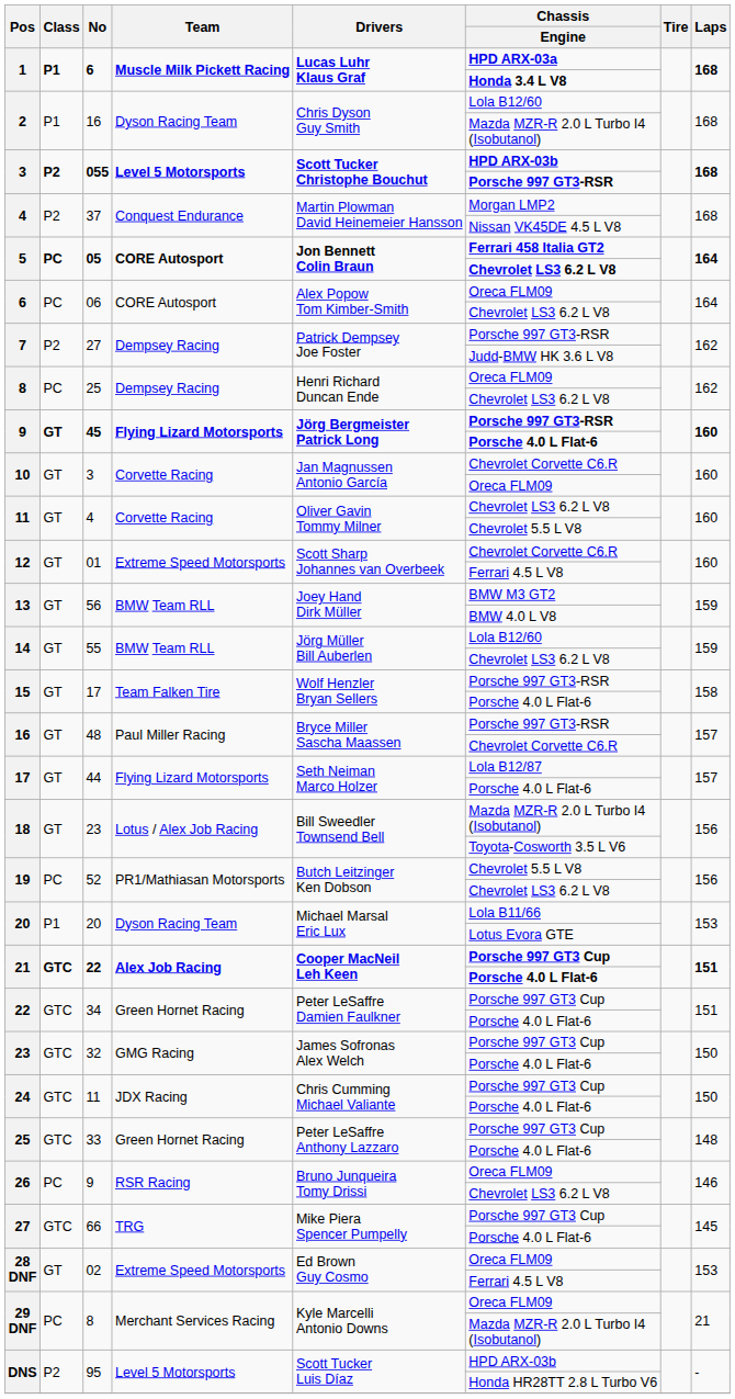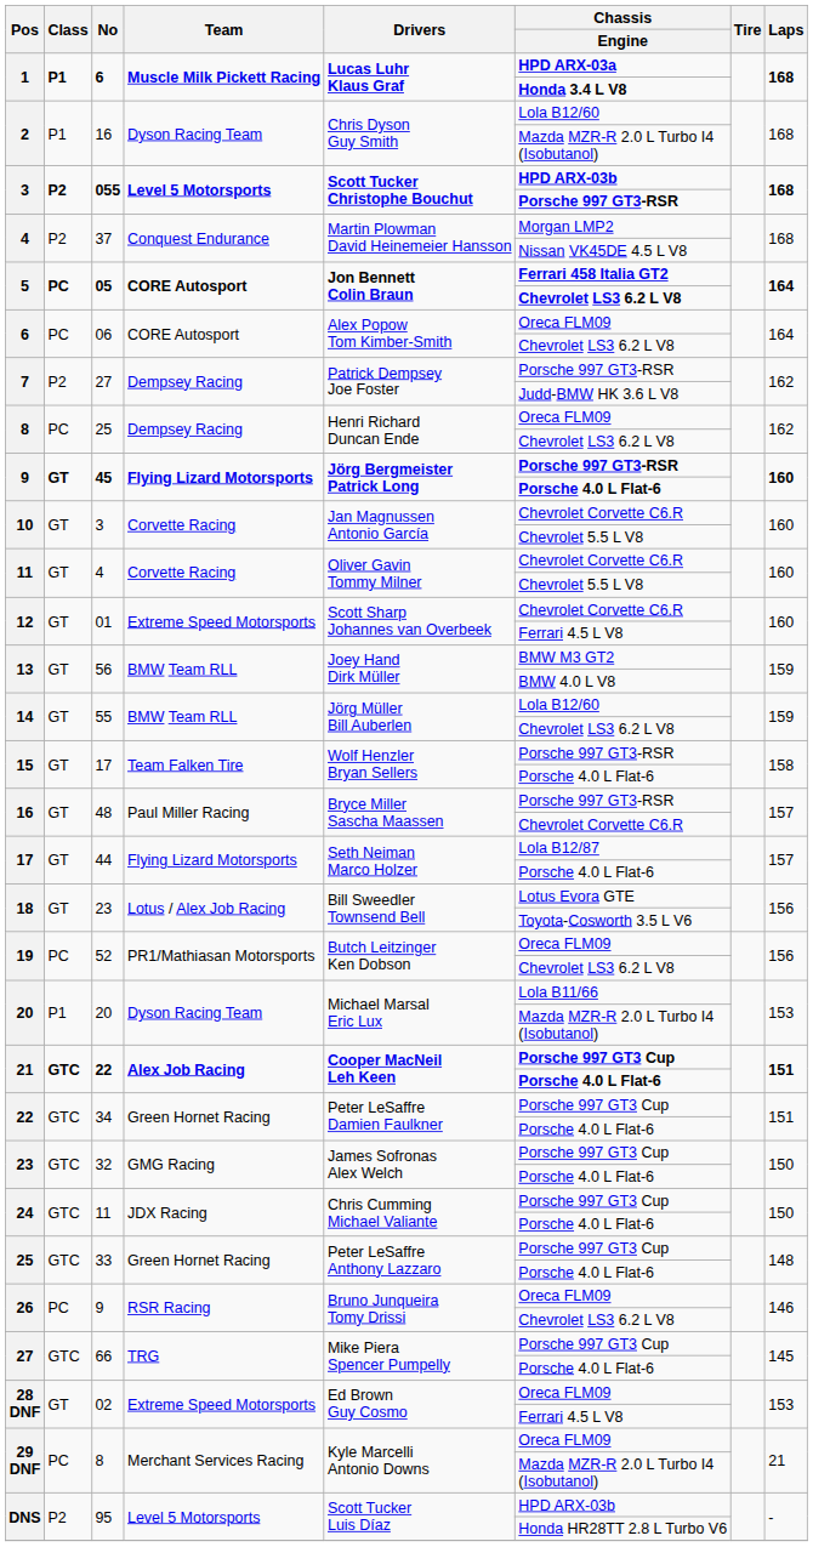 <table class="wikitable" style="font-size: 95%;">
 <tr>
 <th rowspan=2>Pos</th>
 <th rowspan=2>Class</th>
 <th rowspan=2>No</th>
 <th rowspan=2>Team</th>
 <th rowspan=2>Drivers</th>
 <th>Chassis</th>
 <th rowspan=2>Tire</th>
 <th rowspan=2>Laps</th>
 </tr>
 <tr>
 <th>Engine</th>
 </tr>
 <tr style="font-weight:bold">
 <th rowspan=2>1</th>
 <td rowspan=2>P1</td>
 <td rowspan=2>6</td>
 <td rowspan=2> <a href='#'>Muscle Milk Pickett Racing</a></td>
 <td rowspan=2> <a href='#'>Lucas Luhr</a><br> <a href='#'>Klaus Graf</a></td>
 <td><a href='#'>HPD ARX-03a</a></td>
 <td rowspan=2></td>
 <td rowspan=2>168</td>
 </tr>
 <tr style="font-weight:bold">
 <td><a href='#'>Honda</a> 3.4 L V8</td>
 </tr>
 <tr>
 <th rowspan=2>2</th>
 <td rowspan=2>P1</td>
 <td rowspan=2>16</td>
 <td rowspan=2> <a href='#'>Dyson Racing Team</a></td>
 <td rowspan=2> <a href='#'>Chris Dyson</a><br> <a href='#'>Guy Smith</a></td>
 <td><a href='#'>Lola B12/60</a></td>
 <td rowspan=2></td>
 <td rowspan=2>168</td>
 </tr>
 <tr>
 <td><a href='#'>Mazda</a> <a href='#'>MZR-R</a> 2.0 L Turbo I4<br>(<a href='#'>Isobutanol</a>)</td>
 </tr>
 <tr style="font-weight:bold">
 <th rowspan=2>3</th>
 <td rowspan=2>P2</td>
 <td rowspan=2>055</td>
 <td rowspan=2> <a href='#'>Level 5 Motorsports</a></td>
 <td rowspan=2> <a href='#'>Scott Tucker</a><br> <a href='#'>Christophe Bouchut</a></td>
 <td><a href='#'>HPD ARX-03b</a></td>
 <td rowspan=2></td>
 <td rowspan=2>168</td>
 </tr>
 <tr style="font-weight:bold">
 <td><a href='#'>Porsche 997 GT3</a>-RSR</td>
 </tr>
 <tr>
 <th rowspan=2>4</th>
 <td rowspan=2>P2</td>
 <td rowspan=2>37</td>
 <td rowspan=2> <a href='#'>Conquest Endurance</a></td>
 <td rowspan=2> <a href='#'>Martin Plowman</a><br> <a href='#'>David Heinemeier Hansson</a></td>
 <td><a href='#'>Morgan LMP2</a></td>
 <td rowspan=2></td>
 <td rowspan=2>168</td>
 </tr>
 <tr>
 <td><a href='#'>Nissan</a> <a href='#'>VK45DE</a> 4.5 L V8</td>
 </tr>
 <tr style="font-weight:bold">
 <th rowspan=2>5</th>
 <td rowspan=2>PC</td>
 <td rowspan=2>05</td>
 <td rowspan=2> CORE Autosport</td>
 <td rowspan=2> Jon Bennett<br> <a href='#'>Colin Braun</a></td>
 <td><a href='#'>Ferrari 458 Italia GT2</a></td>
 <td rowspan=2></td>
 <td rowspan=2>164</td>
 </tr>
 <tr style="font-weight:bold">
 <td><a href='#'>Chevrolet</a> <a href='#'>LS3</a> 6.2 L V8</td>
 </tr>
 <tr>
 <th rowspan=2>6</th>
 <td rowspan=2>PC</td>
 <td rowspan=2>06</td>
 <td rowspan=2> CORE Autosport</td>
 <td rowspan=2> <a href='#'>Alex Popow</a><br> <a href='#'>Tom Kimber-Smith</a></td>
 <td><a href='#'>Oreca FLM09</a></td>
 <td rowspan=2></td>
 <td rowspan=2>164</td>
 </tr>
 <tr>
 <td><a href='#'>Chevrolet</a> <a href='#'>LS3</a> 6.2 L V8</td>
 </tr>
 <tr>
 <th rowspan=2>7</th>
 <td rowspan=2>P2</td>
 <td rowspan=2>27</td>
 <td rowspan=2> <a href='#'>Dempsey Racing</a></td>
 <td rowspan=2> <a href='#'>Patrick Dempsey</a><br> Joe Foster</td>
 <td><a href='#'>Porsche 997 GT3</a>-RSR</td>
 <td rowspan=2></td>
 <td rowspan=2>162</td>
 </tr>
 <tr>
 <td><a href='#'>Judd</a>-<a href='#'>BMW</a> HK 3.6 L V8</td>
 </tr>
 <tr>
 <th rowspan=2>8</th>
 <td rowspan=2>PC</td>
 <td rowspan=2>25</td>
 <td rowspan=2> <a href='#'>Dempsey Racing</a></td>
 <td rowspan=2> Henri Richard<br> Duncan Ende</td>
 <td><a href='#'>Oreca FLM09</a></td>
 <td rowspan=2></td>
 <td rowspan=2>162</td>
 </tr>
 <tr>
 <td><a href='#'>Chevrolet</a> <a href='#'>LS3</a> 6.2 L V8</td>
 </tr>
 <tr style="font-weight:bold">
 <th rowspan=2>9</th>
 <td rowspan=2>GT</td>
 <td rowspan=2>45</td>
 <td rowspan=2> <a href='#'>Flying Lizard Motorsports</a></td>
 <td rowspan=2> <a href='#'>Jörg Bergmeister</a><br> <a href='#'>Patrick Long</a></td>
 <td><a href='#'>Porsche 997 GT3</a>-RSR</td>
 <td rowspan=2></td>
 <td rowspan=2>160</td>
 </tr>
 <tr style="font-weight:bold">
 <td><a href='#'>Porsche</a> 4.0 L Flat-6</td>
 </tr>
 <tr>
 <th rowspan=2>10</th>
 <td rowspan=2>GT</td>
 <td rowspan=2>3</td>
 <td rowspan=2> <a href='#'>Corvette Racing</a></td>
 <td rowspan=2> <a href='#'>Jan Magnussen</a><br> <a href='#'>Antonio García</a></td>
 <td><a href='#'>Chevrolet Corvette C6.R</a></td>
 <td rowspan=2></td>
 <td rowspan=2>160</td>
 </tr>
 <tr>
-<td><a href='#'>Oreca FLM09</a></td>
+<td><a href='#'>Chevrolet</a> 5.5 L V8</td>
 </tr>
 <tr>
 <th rowspan=2>11</th>
 <td rowspan=2>GT</td>
 <td rowspan=2>4</td>
 <td rowspan=2> <a href='#'>Corvette Racing</a></td>
 <td rowspan=2> <a href='#'>Oliver Gavin</a><br> <a href='#'>Tommy Milner</a></td>
-<td><a href='#'>Chevrolet</a> <a href='#'>LS3</a> 6.2 L V8</td>
+<td><a href='#'>Chevrolet Corvette C6.R</a></td>
 <td rowspan=2></td>
 <td rowspan=2>160</td>
 </tr>
 <tr>
 <td><a href='#'>Chevrolet</a> 5.5 L V8</td>
 </tr>
 <tr>
 <th rowspan=2>12</th>
 <td rowspan=2>GT</td>
 <td rowspan=2>01</td>
 <td rowspan=2> <a href='#'>Extreme Speed Motorsports</a></td>
 <td rowspan=2> <a href='#'>Scott Sharp</a><br> <a href='#'>Johannes van Overbeek</a></td>
 <td><a href='#'>Chevrolet Corvette C6.R</a></td>
 <td rowspan=2></td>
 <td rowspan=2>160</td>
 </tr>
 <tr>
 <td><a href='#'>Ferrari</a> 4.5 L V8</td>
 </tr>
 <tr>
 <th rowspan=2>13</th>
 <td rowspan=2>GT</td>
 <td rowspan=2>56</td>
 <td rowspan=2> <a href='#'>BMW</a> <a href='#'>Team RLL</a></td>
 <td rowspan=2> <a href='#'>Joey Hand</a><br> <a href='#'>Dirk Müller</a></td>
 <td><a href='#'>BMW M3 GT2</a></td>
 <td rowspan=2></td>
 <td rowspan=2>159</td>
 </tr>
 <tr>
 <td><a href='#'>BMW</a> 4.0 L V8</td>
 </tr>
 <tr>
 <th rowspan=2>14</th>
 <td rowspan=2>GT</td>
 <td rowspan=2>55</td>
 <td rowspan=2> <a href='#'>BMW</a> <a href='#'>Team RLL</a></td>
 <td rowspan=2> <a href='#'>Jörg Müller</a><br> <a href='#'>Bill Auberlen</a></td>
 <td><a href='#'>Lola B12/60</a></td>
 <td rowspan=2></td>
 <td rowspan=2>159</td>
 </tr>
 <tr>
 <td><a href='#'>Chevrolet</a> <a href='#'>LS3</a> 6.2 L V8</td>
 </tr>
 <tr>
 <th rowspan=2>15</th>
 <td rowspan=2>GT</td>
 <td rowspan=2>17</td>
 <td rowspan=2> <a href='#'>Team Falken Tire</a></td>
 <td rowspan=2> <a href='#'>Wolf Henzler</a><br> <a href='#'>Bryan Sellers</a></td>
 <td><a href='#'>Porsche 997 GT3</a>-RSR</td>
 <td rowspan=2></td>
 <td rowspan=2>158</td>
 </tr>
 <tr>
 <td><a href='#'>Porsche</a> 4.0 L Flat-6</td>
 </tr>
 <tr>
 <th rowspan=2>16</th>
 <td rowspan=2>GT</td>
 <td rowspan=2>48</td>
 <td rowspan=2> Paul Miller Racing</td>
 <td rowspan=2> <a href='#'>Bryce Miller</a><br> <a href='#'>Sascha Maassen</a></td>
 <td><a href='#'>Porsche 997 GT3</a>-RSR</td>
 <td rowspan=2></td>
 <td rowspan=2>157</td>
 </tr>
 <tr>
 <td><a href='#'>Chevrolet Corvette C6.R</a></td>
 </tr>
 <tr>
 <th rowspan=2>17</th>
 <td rowspan=2>GT</td>
 <td rowspan=2>44</td>
 <td rowspan=2> <a href='#'>Flying Lizard Motorsports</a></td>
 <td rowspan=2> <a href='#'>Seth Neiman</a><br> <a href='#'>Marco Holzer</a></td>
 <td><a href='#'>Lola B12/87</a></td>
 <td rowspan=2></td>
 <td rowspan=2>157</td>
 </tr>
 <tr>
 <td><a href='#'>Porsche</a> 4.0 L Flat-6</td>
 </tr>
 <tr>
 <th rowspan=2>18</th>
 <td rowspan=2>GT</td>
 <td rowspan=2>23</td>
 <td rowspan=2> <a href='#'>Lotus</a> / <a href='#'>Alex Job Racing</a></td>
 <td rowspan=2> Bill Sweedler<br> <a href='#'>Townsend Bell</a></td>
-<td><a href='#'>Mazda</a> <a href='#'>MZR-R</a> 2.0 L Turbo I4<br>(<a href='#'>Isobutanol</a>)</td>
+<td><a href='#'>Lotus Evora</a> GTE</td>
 <td rowspan=2></td>
 <td rowspan=2>156</td>
 </tr>
 <tr>
 <td><a href='#'>Toyota</a>-<a href='#'>Cosworth</a> 3.5 L V6</td>
 </tr>
 <tr>
 <th rowspan=2>19</th>
 <td rowspan=2>PC</td>
 <td rowspan=2>52</td>
 <td rowspan=2> PR1/Mathiasan Motorsports</td>
 <td rowspan=2> <a href='#'>Butch Leitzinger</a><br> Ken Dobson</td>
-<td><a href='#'>Chevrolet</a> 5.5 L V8</td>
+<td><a href='#'>Oreca FLM09</a></td>
 <td rowspan=2></td>
 <td rowspan=2>156</td>
 </tr>
 <tr>
 <td><a href='#'>Chevrolet</a> <a href='#'>LS3</a> 6.2 L V8</td>
 </tr>
 <tr>
 <th rowspan=2>20</th>
 <td rowspan=2>P1</td>
 <td rowspan=2>20</td>
 <td rowspan=2> <a href='#'>Dyson Racing Team</a></td>
 <td rowspan=2> Michael Marsal<br> <a href='#'>Eric Lux</a></td>
 <td><a href='#'>Lola B11/66</a></td>
 <td rowspan=2></td>
 <td rowspan=2>153</td>
 </tr>
 <tr>
-<td><a href='#'>Lotus Evora</a> GTE</td>
+<td><a href='#'>Mazda</a> <a href='#'>MZR-R</a> 2.0 L Turbo I4<br>(<a href='#'>Isobutanol</a>)</td>
 </tr>
 <tr style="font-weight:bold">
 <th rowspan=2>21</th>
 <td rowspan=2>GTC</td>
 <td rowspan=2>22</td>
 <td rowspan=2> <a href='#'>Alex Job Racing</a></td>
 <td rowspan=2> <a href='#'>Cooper MacNeil</a><br> <a href='#'>Leh Keen</a></td>
 <td><a href='#'>Porsche 997 GT3</a> Cup</td>
 <td rowspan=2></td>
 <td rowspan=2>151</td>
 </tr>
 <tr style="font-weight:bold">
 <td><a href='#'>Porsche</a> 4.0 L Flat-6</td>
 </tr>
 <tr>
 <th rowspan=2>22</th>
 <td rowspan=2>GTC</td>
 <td rowspan=2>34</td>
 <td rowspan=2> Green Hornet Racing</td>
 <td rowspan=2> Peter LeSaffre<br> <a href='#'>Damien Faulkner</a></td>
 <td><a href='#'>Porsche 997 GT3</a> Cup</td>
 <td rowspan=2></td>
 <td rowspan=2>151</td>
 </tr>
 <tr>
 <td><a href='#'>Porsche</a> 4.0 L Flat-6</td>
 </tr>
 <tr>
 <th rowspan=2>23</th>
 <td rowspan=2>GTC</td>
 <td rowspan=2>32</td>
 <td rowspan=2> GMG Racing</td>
 <td rowspan=2> James Sofronas<br> Alex Welch</td>
 <td><a href='#'>Porsche 997 GT3</a> Cup</td>
 <td rowspan=2></td>
 <td rowspan=2>150</td>
 </tr>
 <tr>
 <td><a href='#'>Porsche</a> 4.0 L Flat-6</td>
 </tr>
 <tr>
 <th rowspan=2>24</th>
 <td rowspan=2>GTC</td>
 <td rowspan=2>11</td>
 <td rowspan=2> JDX Racing</td>
 <td rowspan=2> Chris Cumming<br> <a href='#'>Michael Valiante</a></td>
 <td><a href='#'>Porsche 997 GT3</a> Cup</td>
 <td rowspan=2></td>
 <td rowspan=2>150</td>
 </tr>
 <tr>
 <td><a href='#'>Porsche</a> 4.0 L Flat-6</td>
 </tr>
 <tr>
 <th rowspan=2>25</th>
 <td rowspan=2>GTC</td>
 <td rowspan=2>33</td>
 <td rowspan=2> Green Hornet Racing</td>
 <td rowspan=2> Peter LeSaffre<br> <a href='#'>Anthony Lazzaro</a></td>
 <td><a href='#'>Porsche 997 GT3</a> Cup</td>
 <td rowspan=2></td>
 <td rowspan=2>148</td>
 </tr>
 <tr>
 <td><a href='#'>Porsche</a> 4.0 L Flat-6</td>
 </tr>
 <tr>
 <th rowspan=2>26</th>
 <td rowspan=2>PC</td>
 <td rowspan=2>9</td>
 <td rowspan=2> <a href='#'>RSR Racing</a></td>
 <td rowspan=2> <a href='#'>Bruno Junqueira</a><br> <a href='#'>Tomy Drissi</a></td>
 <td><a href='#'>Oreca FLM09</a></td>
 <td rowspan=2></td>
 <td rowspan=2>146</td>
 </tr>
 <tr>
 <td><a href='#'>Chevrolet</a> <a href='#'>LS3</a> 6.2 L V8</td>
 </tr>
 <tr>
 <th rowspan=2>27</th>
 <td rowspan=2>GTC</td>
 <td rowspan=2>66</td>
 <td rowspan=2> <a href='#'>TRG</a></td>
 <td rowspan=2> Mike Piera<br> <a href='#'>Spencer Pumpelly</a></td>
 <td><a href='#'>Porsche 997 GT3</a> Cup</td>
 <td rowspan=2></td>
 <td rowspan=2>145</td>
 </tr>
 <tr>
 <td><a href='#'>Porsche</a> 4.0 L Flat-6</td>
 </tr>
 <tr>
 <th rowspan=2>28<br>DNF</th>
 <td rowspan=2>GT</td>
 <td rowspan=2>02</td>
 <td rowspan=2> <a href='#'>Extreme Speed Motorsports</a></td>
 <td rowspan=2> Ed Brown<br> <a href='#'>Guy Cosmo</a></td>
 <td><a href='#'>Oreca FLM09</a></td>
 <td rowspan=2></td>
 <td rowspan=2>153</td>
 </tr>
 <tr>
 <td><a href='#'>Ferrari</a> 4.5 L V8</td>
 </tr>
 <tr>
 <th rowspan=2>29<br>DNF</th>
 <td rowspan=2>PC</td>
 <td rowspan=2>8</td>
 <td rowspan=2> Merchant Services Racing</td>
 <td rowspan=2> Kyle Marcelli<br> Antonio Downs</td>
 <td><a href='#'>Oreca FLM09</a></td>
 <td rowspan=2></td>
 <td rowspan=2>21</td>
 </tr>
 <tr>
 <td><a href='#'>Mazda</a> <a href='#'>MZR-R</a> 2.0 L Turbo I4<br>(<a href='#'>Isobutanol</a>)</td>
 </tr>
 <tr>
 <th rowspan=2>DNS</th>
 <td rowspan=2>P2</td>
 <td rowspan=2>95</td>
 <td rowspan=2> <a href='#'>Level 5 Motorsports</a></td>
 <td rowspan=2> <a href='#'>Scott Tucker</a><br> <a href='#'>Luis Díaz</a></td>
 <td><a href='#'>HPD ARX-03b</a></td>
 <td rowspan=2></td>
 <td rowspan=2>-</td>
 </tr>
 <tr>
 <td><a href='#'>Honda</a> HR28TT 2.8 L Turbo V6</td>
 </tr>
 <tr>
 </tr>
 </table>
